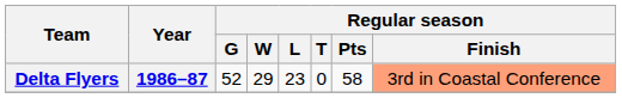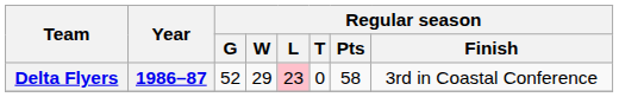 <table class="wikitable" style="font-size: 95%; text-align:center;" width =40%>
 <tr>
 <th rowspan="2">Team</th>
 <th rowspan="2">Year</th>
 <th colspan="6">Regular season</th>
 </tr>
 <tr>
 <th>G</th>
 <th>W</th>
 <th>L</th>
 <th>T</th>
 <th>Pts</th>
 <th>Finish</th>
 </tr>
 <tr>
 <th><a href='#'>Delta Flyers</a></th>
 <th><a href='#'>1986–87</a></th>
 <td>52</td>
 <td>29</td>
-<td>23</td>
+<td style="background: pink;">23</td>
 <td>0</td>
 <td>58</td>
-<td style="background: lightsalmon;">3rd in Coastal Conference</td>
+<td>3rd in Coastal Conference</td>
 </tr>
 <tr>
 </tr>
 </table>
